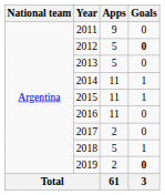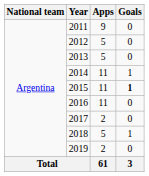 <table class=wikitable style=text-align:center>
 <tr>
 <th>National team</th>
 <th>Year</th>
 <th>Apps</th>
 <th>Goals</th>
 </tr>
 <tr>
 <td rowspan=9><a href='#'>Argentina</a></td>
 <td>2011</td>
 <td>9</td>
 <td>0</td>
 </tr>
 <tr>
 <td>2012</td>
 <td>5</td>
-<td><strong>0</strong></td>
+<td>0</td>
 </tr>
 <tr>
 <td>2013</td>
 <td>5</td>
 <td>0</td>
 </tr>
 <tr>
 <td>2014</td>
 <td>11</td>
 <td>1</td>
 </tr>
 <tr>
 <td>2015</td>
 <td>11</td>
-<td>1</td>
+<td><strong>1</strong></td>
 </tr>
 <tr>
 <td>2016</td>
 <td>11</td>
 <td>0</td>
 </tr>
 <tr>
 <td>2017</td>
 <td>2</td>
 <td>0</td>
 </tr>
 <tr>
 <td>2018</td>
 <td>5</td>
 <td>1</td>
 </tr>
 <tr>
 <td>2019</td>
 <td>2</td>
-<td><strong>0</strong></td>
+<td>0</td>
 </tr>
 <tr>
 <th colspan=2>Total</th>
 <th>61</th>
 <th>3</th>
 </tr>
 </table>
